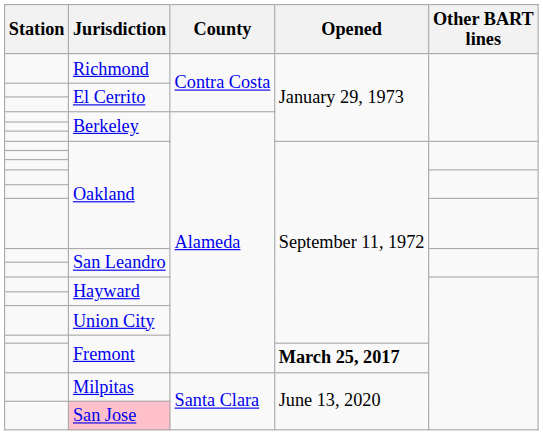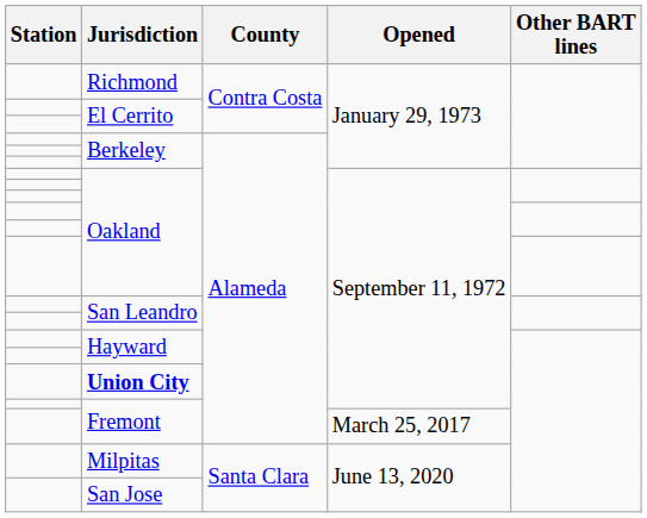 <table class=wikitable>
 <tr>
 <th>Station</th>
 <th>Jurisdiction</th>
 <th>County</th>
 <th>Opened</th>
 <th>Other BART<br>lines</th>
 </tr>
 <tr>
 <td></td>
 <td><a href='#'>Richmond</a></td>
 <td rowspan="3"><a href='#'>Contra Costa</a></td>
 <td rowspan="6">January 29, 1973</td>
 <td rowspan="6"></td>
 </tr>
 <tr>
 <td></td>
 <td rowspan="2"><a href='#'>El Cerrito</a></td>
 </tr>
 <tr>
 <td></td>
 </tr>
 <tr>
 <td></td>
 <td rowspan="3"><a href='#'>Berkeley</a></td>
 <td rowspan="16"><a href='#'>Alameda</a></td>
 </tr>
 <tr>
 <td></td>
 </tr>
 <tr>
 <td></td>
 </tr>
 <tr>
 <td></td>
 <td rowspan="6"><a href='#'>Oakland</a></td>
 <td rowspan="12">September 11, 1972</td>
 <td rowspan="3"><br></td>
 </tr>
 <tr>
 <td></td>
 </tr>
 <tr>
 <td></td>
 </tr>
 <tr>
 <td></td>
 <td rowspan="2"><br></td>
 </tr>
 <tr>
 <td></td>
 </tr>
 <tr>
 <td></td>
 <td><br><br></td>
 </tr>
 <tr>
 <td></td>
 <td rowspan="2"><a href='#'>San Leandro</a></td>
 <td rowspan="2"><br></td>
 </tr>
 <tr>
 <td></td>
 </tr>
 <tr>
 <td></td>
 <td rowspan="2"><a href='#'>Hayward</a></td>
 <td rowspan="7"></td>
 </tr>
 <tr>
 <td></td>
 </tr>
 <tr>
 <td></td>
-<td><a href='#'>Union City</a></td>
+<td><strong><a href='#'>Union City</a></strong></td>
 </tr>
 <tr>
 <td></td>
 <td rowspan="2"><a href='#'>Fremont</a></td>
 </tr>
 <tr>
 <td></td>
-<td><strong>March 25, 2017</strong></td>
+<td>March 25, 2017</td>
 </tr>
 <tr>
 <td></td>
 <td><a href='#'>Milpitas</a></td>
 <td rowspan="2"><a href='#'>Santa Clara</a></td>
 <td rowspan="2">June 13, 2020</td>
 </tr>
 <tr>
 <td></td>
-<td style="background: pink;"><a href='#'>San Jose</a></td>
+<td><a href='#'>San Jose</a></td>
 </tr>
 </table>
